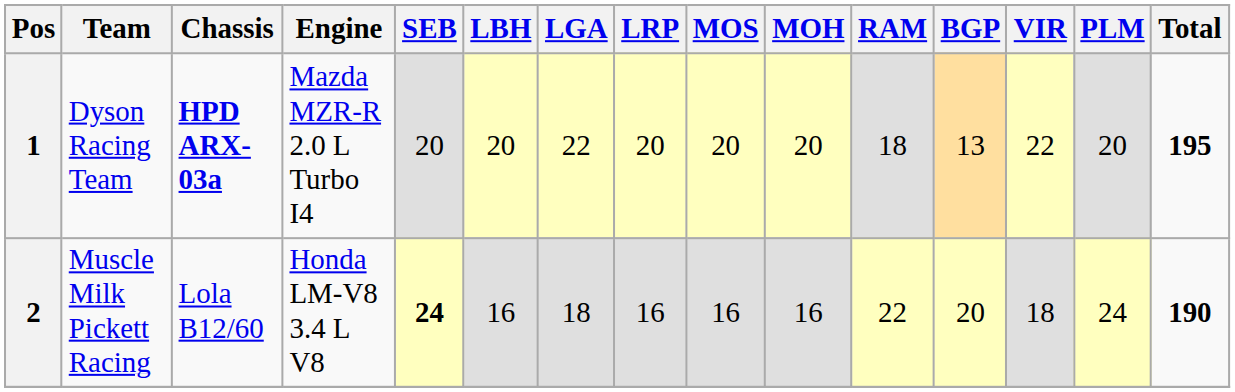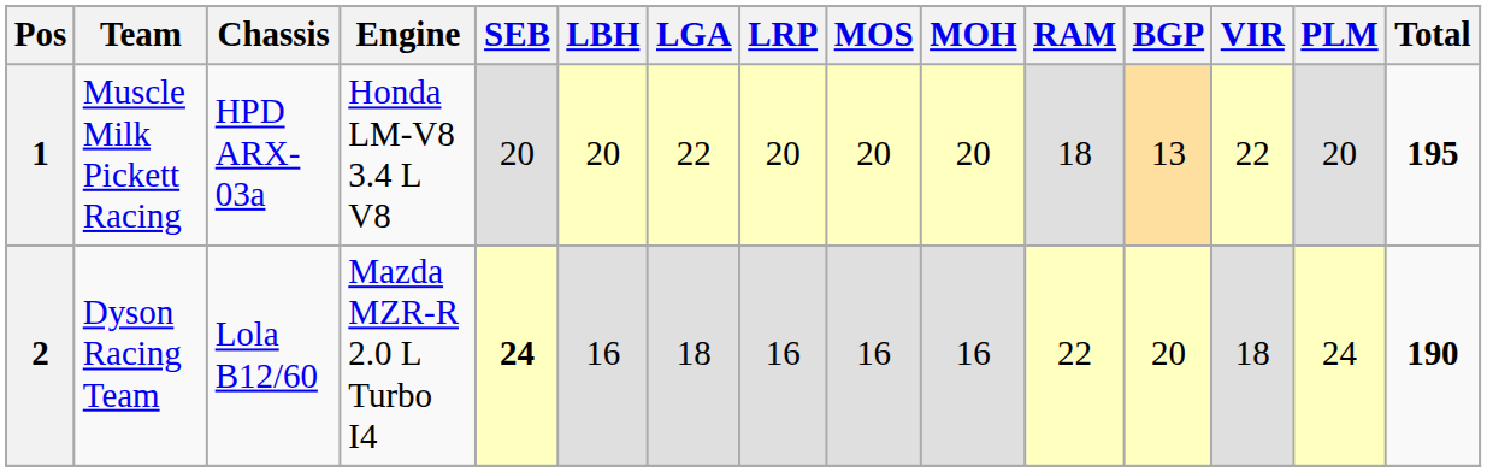 <table class="wikitable" style="font-size: 90%; text-align:center;">
 <tr>
 <th>Pos</th>
 <th>Team</th>
 <th>Chassis</th>
 <th>Engine</th>
 <th><a href='#'>SEB</a></th>
 <th><a href='#'>LBH</a></th>
 <th><a href='#'>LGA</a></th>
 <th><a href='#'>LRP</a></th>
 <th><a href='#'>MOS</a></th>
 <th><a href='#'>MOH</a></th>
 <th><a href='#'>RAM</a></th>
 <th><a href='#'>BGP</a></th>
 <th><a href='#'>VIR</a></th>
 <th><a href='#'>PLM</a></th>
 <th>Total</th>
 </tr>
 <tr>
 <th>1</th>
-<td align=left> <a href='#'>Dyson Racing Team</a></td>
-<td align=left><strong><a href='#'>HPD ARX-03a</a></strong></td>
-<td align=left><a href='#'>Mazda</a> <a href='#'>MZR-R</a> 2.0 L Turbo I4</td>
+<td align=left> <a href='#'>Muscle Milk Pickett Racing</a></td>
+<td align=left><a href='#'>HPD ARX-03a</a></td>
+<td align=left><a href='#'>Honda</a> LM-V8 3.4 L V8</td>
 <td style="background:#DFDFDF;”">20</td>
 <td style="background:#FFFFBF;”">20</td>
 <td style="background:#FFFFBF;”">22</td>
 <td style="background:#FFFFBF;”">20</td>
 <td style="background:#FFFFBF;”">20</td>
 <td style="background:#FFFFBF;”">20</td>
 <td style="background:#DFDFDF;">18</td>
 <td style="background:#FFDF9F;”">13</td>
 <td style="background:#FFFFBF;”">22</td>
 <td style="background:#DFDFDF;">20</td>
 <td><strong>195</strong></td>
 </tr>
 <tr>
 <th>2</th>
-<td align=left> <a href='#'>Muscle Milk Pickett Racing</a></td>
+<td align=left> <a href='#'>Dyson Racing Team</a></td>
 <td align=left><a href='#'>Lola B12/60</a></td>
-<td align=left><a href='#'>Honda</a> LM-V8 3.4 L V8</td>
+<td align=left><a href='#'>Mazda</a> <a href='#'>MZR-R</a> 2.0 L Turbo I4</td>
 <td style="background:#FFFFBF;”"><strong>24</strong></td>
 <td style="background:#DFDFDF;”">16</td>
 <td style="background:#DFDFDF;”">18</td>
 <td style="background:#DFDFDF;”">16</td>
 <td style="background:#DFDFDF;”">16</td>
 <td style="background:#DFDFDF;”">16</td>
 <td style="background:#FFFFBF;”">22</td>
 <td style="background:#FFFFBF;”">20</td>
 <td style="background:#DFDFDF;”">18</td>
 <td style="background:#FFFFBF;”">24</td>
 <td><strong>190</strong></td>
 </tr>
 <tr>
 </tr>
 </table>
